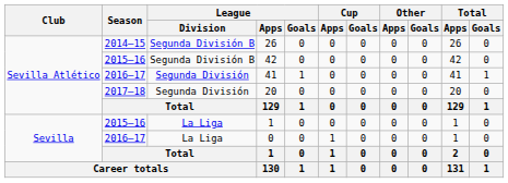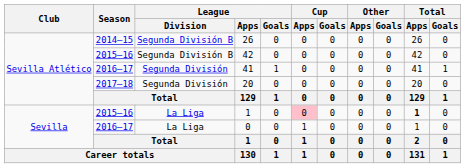 <table class="wikitable" style="text-align: center">
 <tr>
 <th rowspan="2">Club</th>
 <th rowspan="2">Season</th>
 <th colspan="3">League</th>
 <th colspan="2">Cup</th>
 <th colspan="2">Other</th>
 <th colspan="2">Total</th>
 </tr>
 <tr>
 <th>Division</th>
 <th>Apps</th>
 <th>Goals</th>
 <th>Apps</th>
 <th>Goals</th>
 <th>Apps</th>
 <th>Goals</th>
 <th>Apps</th>
 <th>Goals</th>
 </tr>
 <tr>
 <td rowspan="5"><a href='#'>Sevilla Atlético</a></td>
 <td><a href='#'>2014–15</a></td>
 <td><a href='#'>Segunda División B</a></td>
 <td>26</td>
 <td>0</td>
 <td>0</td>
 <td>0</td>
 <td>0</td>
 <td>0</td>
 <td>26</td>
 <td>0</td>
 </tr>
 <tr>
 <td><a href='#'>2015–16</a></td>
 <td>Segunda División B</td>
 <td>42</td>
 <td>0</td>
 <td>0</td>
 <td>0</td>
 <td>0</td>
 <td>0</td>
 <td>42</td>
 <td>0</td>
 </tr>
 <tr>
 <td><a href='#'>2016–17</a></td>
 <td><a href='#'>Segunda División</a></td>
 <td>41</td>
 <td>1</td>
 <td>0</td>
 <td>0</td>
 <td>0</td>
 <td>0</td>
 <td>41</td>
 <td>1</td>
 </tr>
 <tr>
 <td><a href='#'>2017–18</a></td>
 <td>Segunda División</td>
 <td>20</td>
 <td>0</td>
 <td>0</td>
 <td>0</td>
 <td>0</td>
 <td>0</td>
 <td>20</td>
 <td>0</td>
 </tr>
 <tr>
 <th colspan="2">Total</th>
 <th>129</th>
 <th>1</th>
 <th>0</th>
 <th>0</th>
 <th>0</th>
 <th>0</th>
 <th>129</th>
 <th>1</th>
 </tr>
 <tr>
 <td rowspan="3"><a href='#'>Sevilla</a></td>
 <td><a href='#'>2015–16</a></td>
 <td><a href='#'>La Liga</a></td>
 <td>1</td>
 <td>0</td>
+<td style="background: pink;">0</td>
 <td>0</td>
 <td>0</td>
 <td>0</td>
-<td>0</td>
-<td>1</td>
+<td><strong>1</strong></td>
 <td>0</td>
 </tr>
 <tr>
 <td><a href='#'>2016–17</a></td>
 <td>La Liga</td>
 <td>0</td>
 <td>0</td>
 <td>1</td>
 <td>0</td>
 <td>0</td>
 <td>0</td>
 <td>1</td>
 <td>0</td>
 </tr>
 <tr>
 <th colspan="2">Total</th>
 <th>1</th>
 <th>0</th>
 <th>1</th>
 <th>0</th>
 <th>0</th>
 <th>0</th>
 <th>2</th>
 <th>0</th>
 </tr>
 <tr>
 <th colspan="3">Career totals</th>
 <th>130</th>
 <th>1</th>
 <th>1</th>
 <th>0</th>
 <th>0</th>
 <th>0</th>
 <th>131</th>
 <th>1</th>
 </tr>
 </table>
